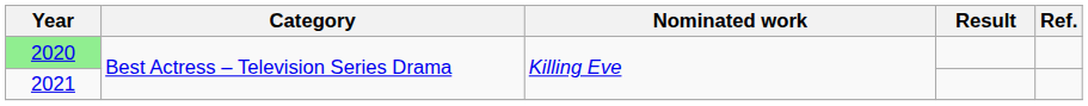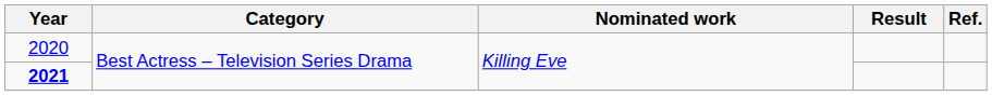 <table class=wikitable>
 <tr>
 <th scope="col" style="width:5em;">Year</th>
 <th scope="col" style="width:26em;">Category</th>
 <th scope="col" style="width:25em;">Nominated work</th>
 <th scope="col" style="width:5em;">Result</th>
 <th>Ref.</th>
 </tr>
 <tr>
-<td style="background: lightgreen; text-align:center;"><a href='#'>2020</a></td>
+<td style="text-align:center;"><a href='#'>2020</a></td>
 <td rowspan=2><a href='#'>Best Actress – Television Series Drama</a></td>
 <td rowspan=2><em><a href='#'>Killing Eve</a></em></td>
 <td></td>
 <td style="text-align:center;"></td>
 </tr>
 <tr>
-<td style="text-align:center;"><a href='#'>2021</a></td>
+<td style="text-align:center;"><strong><a href='#'>2021</a></strong></td>
 <td></td>
 <td style="text-align:center;"></td>
 </tr>
 <tr>
 </tr>
 </table>
